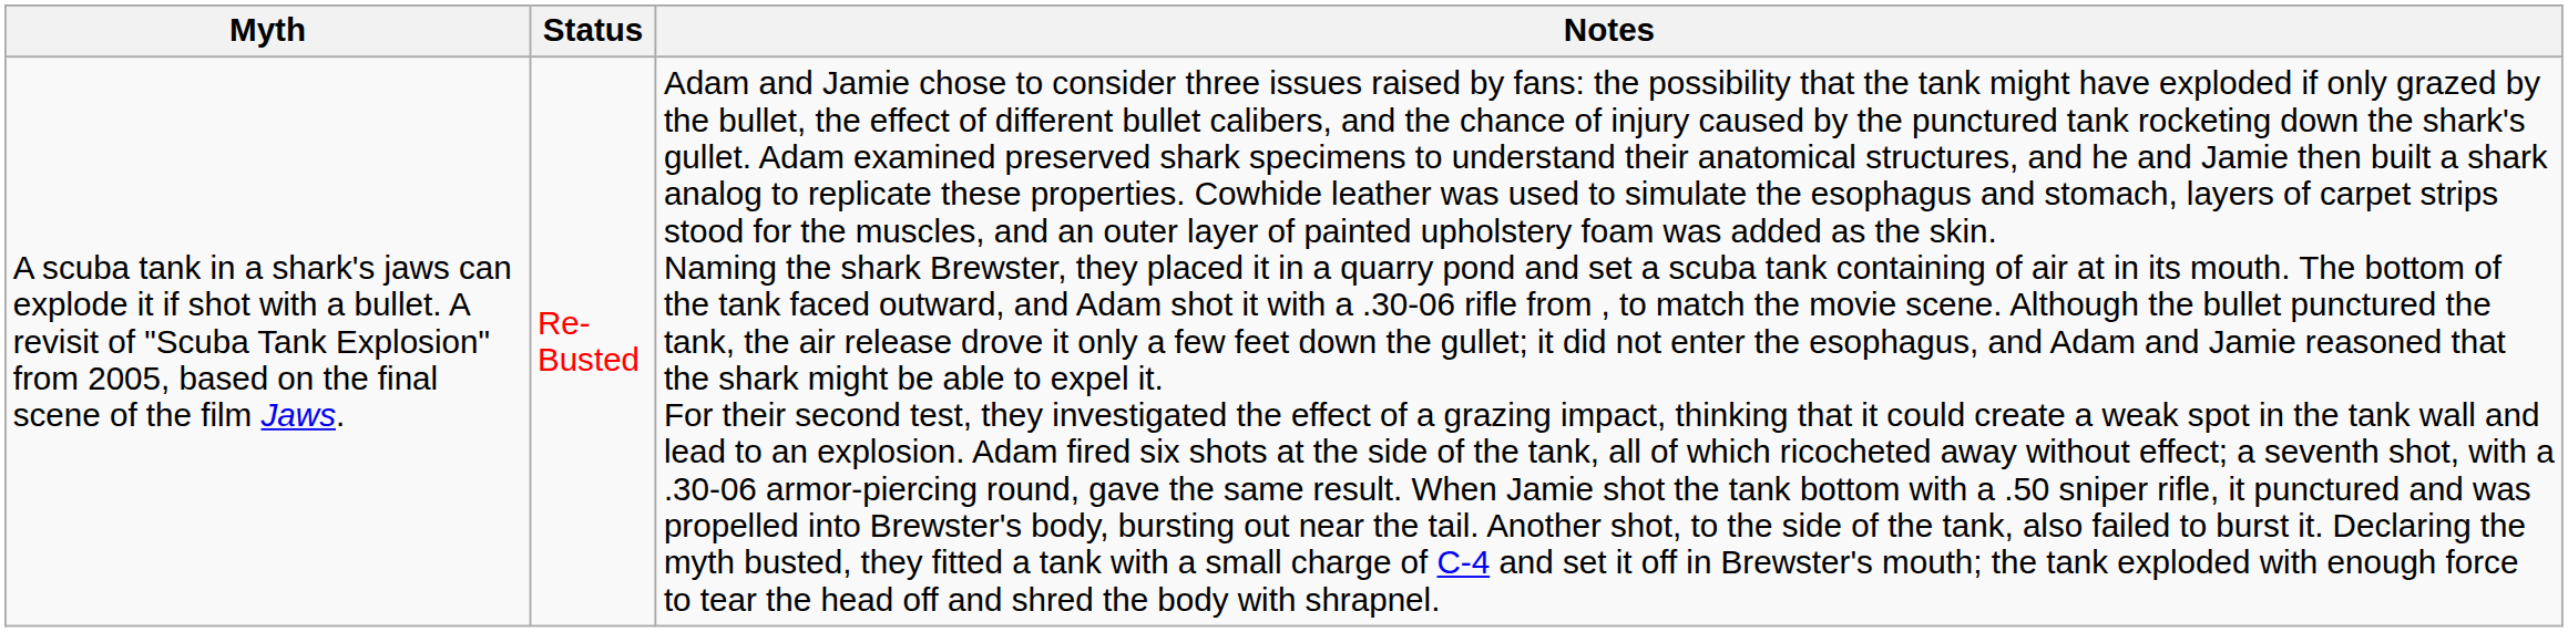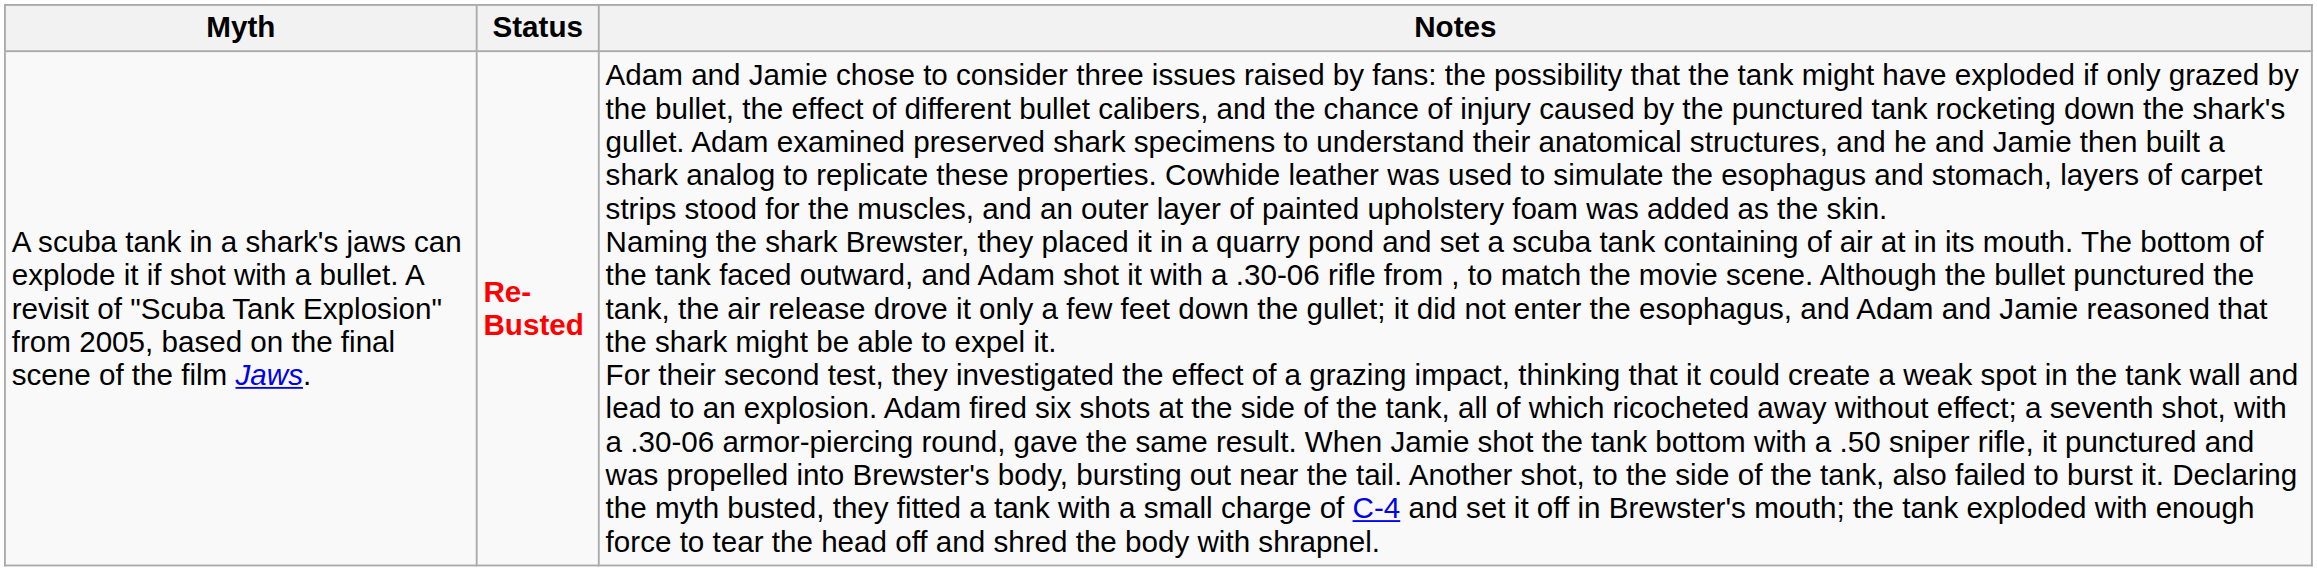 <table class="wikitable plainrowheaders">
 <tr>
 <th scope"col">Myth</th>
 <th scope"col">Status</th>
 <th scope"col">Notes</th>
 </tr>
 <tr>
 <td scope"row">A scuba tank in a shark's jaws can explode it if shot with a bullet. A revisit of "Scuba Tank Explosion" from 2005, based on the final scene of the film <em><a href='#'>Jaws</a></em>.</td>
-<td style="color:red">Re-Busted</td>
+<td style="color:red"><strong>Re-Busted</strong></td>
 <td>Adam and Jamie chose to consider three issues raised by fans: the possibility that the tank might have exploded if only grazed by the bullet, the effect of different bullet calibers, and the chance of injury caused by the punctured tank rocketing down the shark's gullet. Adam examined preserved shark specimens to understand their anatomical structures, and he and Jamie then built a shark analog to replicate these properties. Cowhide leather was used to simulate the esophagus and stomach, layers of carpet strips stood for the muscles, and an outer layer of painted upholstery foam was added as the skin.<br>Naming the shark Brewster, they placed it in a quarry pond and set a scuba tank containing  of air at  in its mouth. The bottom of the tank faced outward, and Adam shot it with a .30-06 rifle from , to match the movie scene. Although the bullet punctured the tank, the air release drove it only a few feet down the gullet; it did not enter the esophagus, and Adam and Jamie reasoned that the shark might be able to expel it.<br>For their second test, they investigated the effect of a grazing impact, thinking that it could create a weak spot in the tank wall and lead to an explosion. Adam fired six shots at the side of the tank, all of which ricocheted away without effect; a seventh shot, with a .30-06 armor-piercing round, gave the same result. When Jamie shot the tank bottom with a .50 sniper rifle, it punctured and was propelled into Brewster's body, bursting out near the tail. Another shot, to the side of the tank, also failed to burst it. Declaring the myth busted, they fitted a tank with a small charge of <a href='#'>C-4</a> and set it off in Brewster's mouth; the tank exploded with enough force to tear the head off and shred the body with shrapnel.</td>
 </tr>
 </table>
